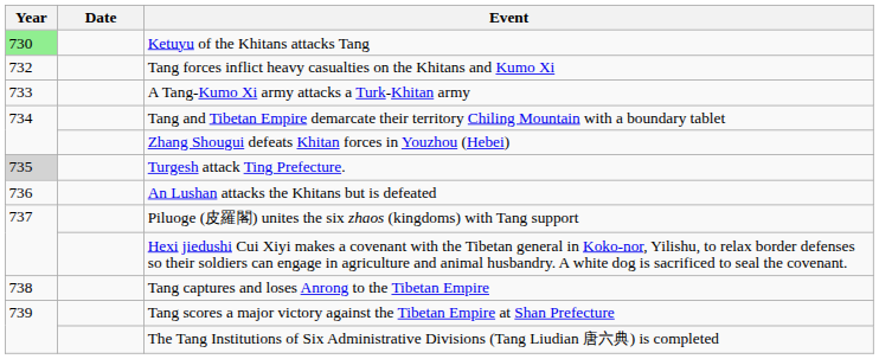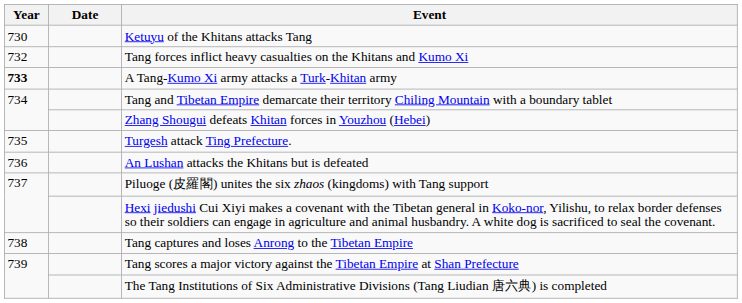 <table class="wikitable" width="100%">
 <tr>
 <th style="width:6%">Year</th>
 <th style="width:10%">Date</th>
 <th>Event</th>
 </tr>
 <tr>
-<td style="background: lightgreen;">730</td>
+<td>730</td>
 <td></td>
 <td><a href='#'>Ketuyu</a> of the Khitans attacks Tang</td>
 </tr>
 <tr>
 <td>732</td>
 <td></td>
 <td>Tang forces inflict heavy casualties on the Khitans and <a href='#'>Kumo Xi</a></td>
 </tr>
 <tr>
-<td>733</td>
+<td><strong>733</strong></td>
 <td></td>
 <td>A Tang-<a href='#'>Kumo Xi</a> army attacks a <a href='#'>Turk</a>-<a href='#'>Khitan</a> army</td>
 </tr>
 <tr>
 <td rowspan="2" valign="top">734</td>
 <td></td>
 <td>Tang and <a href='#'>Tibetan Empire</a> demarcate their territory <a href='#'>Chiling Mountain</a> with a boundary tablet</td>
 </tr>
 <tr>
 <td></td>
 <td><a href='#'>Zhang Shougui</a> defeats <a href='#'>Khitan</a> forces in <a href='#'>Youzhou</a> (<a href='#'>Hebei</a>)</td>
 </tr>
 <tr>
-<td style="background: lightgrey;">735</td>
+<td>735</td>
 <td></td>
 <td><a href='#'>Turgesh</a> attack <a href='#'>Ting Prefecture</a>.</td>
 </tr>
 <tr>
 <td>736</td>
 <td></td>
 <td><a href='#'>An Lushan</a> attacks the Khitans but is defeated</td>
 </tr>
 <tr>
 <td rowspan="2" valign="top">737</td>
 <td></td>
 <td>Piluoge (皮羅閣) unites the six <em>zhaos</em> (kingdoms) with Tang support</td>
 </tr>
 <tr>
 <td></td>
 <td><a href='#'>Hexi</a> <a href='#'>jiedushi</a> Cui Xiyi makes a covenant with the Tibetan general in <a href='#'>Koko-nor</a>, Yilishu, to relax border defenses so their soldiers can engage in agriculture and animal husbandry. A white dog is sacrificed to seal the covenant.</td>
 </tr>
 <tr>
 <td>738</td>
 <td></td>
 <td>Tang captures and loses <a href='#'>Anrong</a> to the <a href='#'>Tibetan Empire</a></td>
 </tr>
 <tr>
 <td rowspan="2" valign="top">739</td>
 <td></td>
 <td>Tang scores a major victory against the <a href='#'>Tibetan Empire</a> at <a href='#'>Shan Prefecture</a></td>
 </tr>
 <tr>
 <td></td>
 <td>The Tang Institutions of Six Administrative Divisions (Tang Liudian 唐六典) is completed</td>
 </tr>
 </table>
